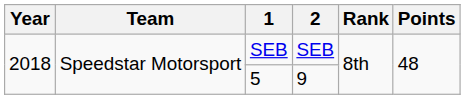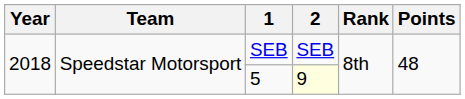 <table class="wikitable">
 <tr>
 <th>Year</th>
 <th>Team</th>
 <th>1</th>
 <th>2</th>
 <th>Rank</th>
 <th>Points</th>
 </tr>
 <tr>
 <td rowspan="2">2018</td>
 <td rowspan="2">Speedstar Motorsport</td>
 <td><a href='#'>SEB</a></td>
 <td><a href='#'>SEB</a></td>
 <td rowspan="2">8th</td>
 <td rowspan="2">48</td>
 </tr>
 <tr>
 <td>5</td>
-<td>9</td>
+<td style="background: lightyellow;">9</td>
 </tr>
 </table>
